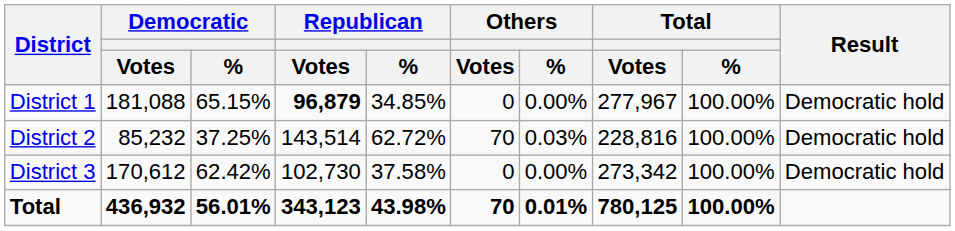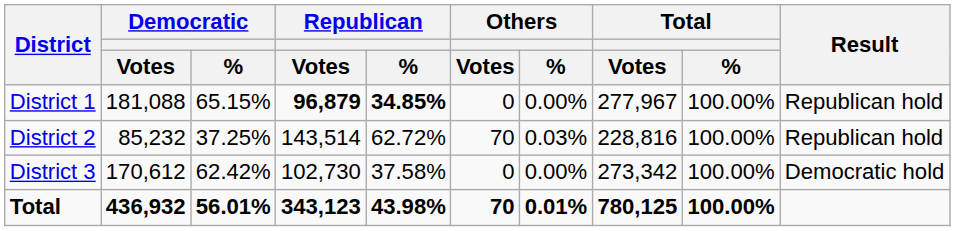 <table class="wikitable plainrowheaders sortable" style="font-size:100%; text-align:right;">
 <tr>
 <th scope=col rowspan=3><a href='#'>District</a></th>
 <th scope=col colspan=2><a href='#'>Democratic</a></th>
 <th scope=col colspan=2><a href='#'>Republican</a></th>
 <th scope=col colspan=2>Others</th>
 <th scope=col colspan=2>Total</th>
 <th scope=col rowspan=3>Result</th>
 </tr>
 <tr>
 <th scope=col colspan=2 style="background:"></th>
 <th scope=col colspan=2 style="background:"></th>
 <th scope=col colspan=2></th>
 <th scope=col colspan=2></th>
 </tr>
 <tr>
 <th scope=col data-sort-type="number">Votes</th>
 <th scope=col data-sort-type="number">%</th>
 <th scope=col data-sort-type="number">Votes</th>
 <th scope=col data-sort-type="number">%</th>
 <th scope=col data-sort-type="number">Votes</th>
 <th scope=col data-sort-type="number">%</th>
 <th scope=col data-sort-type="number">Votes</th>
 <th scope=col data-sort-type="number">%</th>
 </tr>
 <tr>
 <td align=left><a href='#'>District 1</a></td>
 <td>181,088</td>
 <td>65.15%</td>
 <td><strong>96,879</strong></td>
-<td>34.85%</td>
+<td><strong>34.85%</strong></td>
 <td>0</td>
 <td>0.00%</td>
 <td>277,967</td>
 <td>100.00%</td>
-<td align=left>Democratic hold</td>
+<td align=left>Republican hold</td>
 </tr>
 <tr>
 <td align=left><a href='#'>District 2</a></td>
 <td>85,232</td>
 <td>37.25%</td>
 <td>143,514</td>
 <td>62.72%</td>
 <td>70</td>
 <td>0.03%</td>
 <td>228,816</td>
 <td>100.00%</td>
-<td align=left>Democratic hold</td>
+<td align=left>Republican hold</td>
 </tr>
 <tr>
 <td align=left><a href='#'>District 3</a></td>
 <td>170,612</td>
 <td>62.42%</td>
 <td>102,730</td>
 <td>37.58%</td>
 <td>0</td>
 <td>0.00%</td>
 <td>273,342</td>
 <td>100.00%</td>
 <td align=left>Democratic hold</td>
 </tr>
 <tr class="sortbottom" style="font-weight:bold">
 <td align=left>Total</td>
 <td>436,932</td>
 <td>56.01%</td>
 <td>343,123</td>
 <td>43.98%</td>
 <td>70</td>
 <td>0.01%</td>
 <td>780,125</td>
 <td>100.00%</td>
 <td></td>
 </tr>
 </table>
